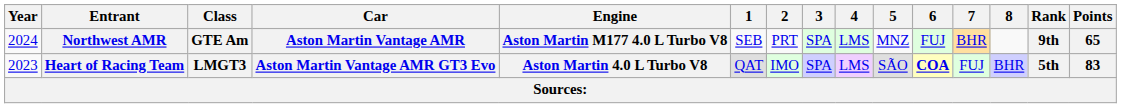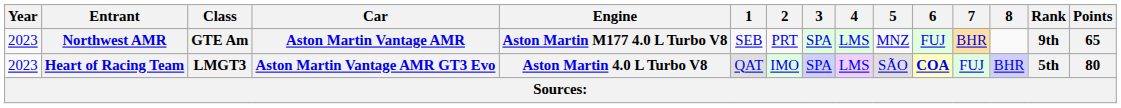 <table class="wikitable" style="text-align:center; font-size:85%">
 <tr>
 <th>Year</th>
 <th>Entrant</th>
 <th>Class</th>
 <th>Car</th>
 <th>Engine</th>
 <th>1</th>
 <th>2</th>
 <th>3</th>
 <th>4</th>
 <th>5</th>
 <th>6</th>
 <th>7</th>
 <th>8</th>
 <th>Rank</th>
 <th>Points</th>
 </tr>
 <tr>
-<td><a href='#'>2024</a></td>
+<td><a href='#'>2023</a></td>
 <th nowrap><a href='#'>Northwest AMR</a></th>
 <th nowrap>GTE Am</th>
 <th nowrap><a href='#'>Aston Martin Vantage AMR</a></th>
 <th nowrap><a href='#'>Aston Martin</a> M177 4.0 L Turbo V8</th>
 <td><a href='#'>SEB</a></td>
 <td><a href='#'>PRT</a></td>
 <td style="background:#dfffdf;"><a href='#'>SPA</a><br></td>
 <td style="background:#dfffdf;"><a href='#'>LMS</a><br></td>
 <td><a href='#'>MNZ</a></td>
 <td style="background:#dfffdf;"><a href='#'>FUJ</a><br></td>
 <td style="background:#FFDF9F;”"><a href='#'>BHR</a><br></td>
 <td></td>
 <th>9th</th>
 <th>65</th>
 </tr>
 <tr>
 <td><a href='#'>2023</a></td>
 <th nowrap><a href='#'>Heart of Racing Team</a></th>
 <th>LMGT3</th>
 <th nowrap><a href='#'>Aston Martin Vantage AMR GT3 Evo</a></th>
 <th nowrap><a href='#'>Aston Martin</a> 4.0 L Turbo V8</th>
 <td style="background:#DFDFDF;"><a href='#'>QAT</a><br></td>
 <td style="background:#dfffdf;"><a href='#'>IMO</a><br></td>
 <td style="background:#CFCFFF;”"><a href='#'>SPA</a><br></td>
 <td style="background:#EFCFFF;"><a href='#'>LMS</a><br></td>
 <td style="background:#DFDFDF;"><a href='#'>SÃO</a><br></td>
 <td style="background:#FFFFBF;"><strong><a href='#'>COA</a></strong><br></td>
 <td style="background:#DFFFDF;"><a href='#'>FUJ</a><br></td>
 <td style="background:#CFCFFF;"><a href='#'>BHR</a><br></td>
 <th>5th</th>
-<th>83</th>
+<th>80</th>
 </tr>
 <tr>
 <th colspan="15">Sources:</th>
 </tr>
 </table>
